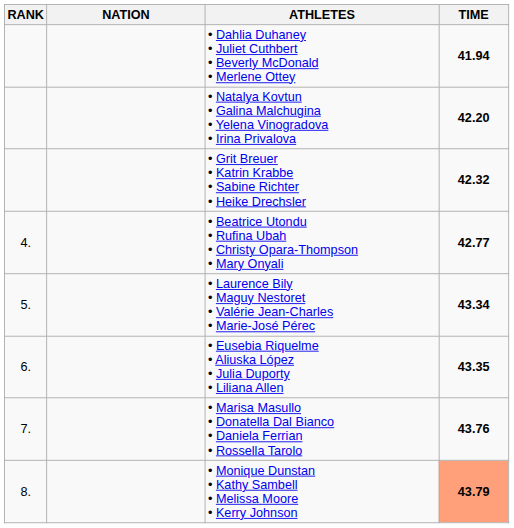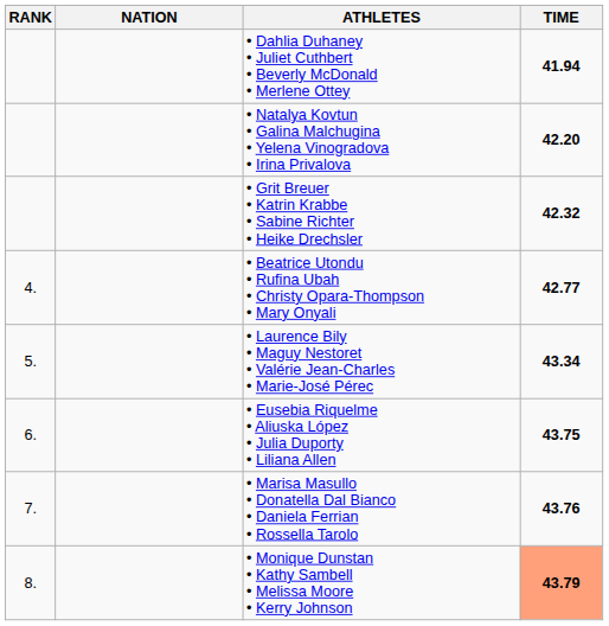 <table class="wikitable" style="border-collapse: collapse; font-size: 90%;">
 <tr>
 <th>RANK</th>
 <th style="width: 12em">NATION</th>
 <th style="width: 18em">ATHLETES</th>
 <th style="width: 5em">TIME</th>
 </tr>
 <tr>
 <td align="center"></td>
 <td align="center"></td>
 <td>• <a href='#'>Dahlia Duhaney</a><br>• <a href='#'>Juliet Cuthbert</a><br>• <a href='#'>Beverly McDonald</a><br>• <a href='#'>Merlene Ottey</a></td>
 <td align="center"><strong>41.94</strong></td>
 </tr>
 <tr>
 <td align="center"></td>
 <td align="center"></td>
 <td>• <a href='#'>Natalya Kovtun</a><br>• <a href='#'>Galina Malchugina</a><br>• <a href='#'>Yelena Vinogradova</a><br>• <a href='#'>Irina Privalova</a></td>
 <td align="center"><strong>42.20</strong></td>
 </tr>
 <tr>
 <td align="center"></td>
 <td align="center"></td>
 <td>• <a href='#'>Grit Breuer</a><br>• <a href='#'>Katrin Krabbe</a><br>• <a href='#'>Sabine Richter</a><br>• <a href='#'>Heike Drechsler</a></td>
 <td align="center"><strong>42.32</strong></td>
 </tr>
 <tr>
 <td align="center">4.</td>
 <td align="center"></td>
 <td>• <a href='#'>Beatrice Utondu</a><br>• <a href='#'>Rufina Ubah</a><br>• <a href='#'>Christy Opara-Thompson</a><br>• <a href='#'>Mary Onyali</a></td>
 <td align="center"><strong>42.77</strong></td>
 </tr>
 <tr>
 <td align="center">5.</td>
 <td align="center"></td>
 <td>• <a href='#'>Laurence Bily</a><br>• <a href='#'>Maguy Nestoret</a><br>• <a href='#'>Valérie Jean-Charles</a><br>• <a href='#'>Marie-José Pérec</a></td>
 <td align="center"><strong>43.34</strong></td>
 </tr>
 <tr>
 <td align="center">6.</td>
 <td align="center"></td>
 <td>• <a href='#'>Eusebia Riquelme</a><br>• <a href='#'>Aliuska López</a><br>• <a href='#'>Julia Duporty</a><br>• <a href='#'>Liliana Allen</a></td>
-<td align="center"><strong>43.35</strong></td>
+<td align="center"><strong>43.75</strong></td>
 </tr>
 <tr>
 <td align="center">7.</td>
 <td align="center"></td>
 <td>• <a href='#'>Marisa Masullo</a><br>• <a href='#'>Donatella Dal Bianco</a><br>• <a href='#'>Daniela Ferrian</a><br>• <a href='#'>Rossella Tarolo</a></td>
 <td align="center"><strong>43.76</strong></td>
 </tr>
 <tr>
 <td align="center">8.</td>
 <td align="center"></td>
 <td>• <a href='#'>Monique Dunstan</a><br>• <a href='#'>Kathy Sambell</a><br>• <a href='#'>Melissa Moore</a><br>• <a href='#'>Kerry Johnson</a></td>
 <td align="center" style="background: lightsalmon;"><strong>43.79</strong></td>
 </tr>
 </table>
